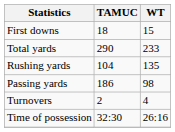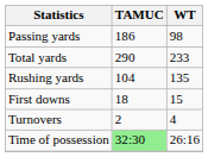 <table class="wikitable" style="float: left;">
 <tr>
 <th>Statistics</th>
 <th>TAMUC</th>
 <th>WT</th>
 </tr>
 <tr>
-<td>First downs</td>
-<td>18</td>
-<td>15</td>
+<td>Passing yards</td>
+<td>186</td>
+<td>98</td>
 </tr>
 <tr>
 <td>Total yards</td>
 <td>290</td>
 <td>233</td>
 </tr>
 <tr>
 <td>Rushing yards</td>
 <td>104</td>
 <td>135</td>
 </tr>
 <tr>
-<td>Passing yards</td>
-<td>186</td>
-<td>98</td>
+<td>First downs</td>
+<td>18</td>
+<td>15</td>
 </tr>
 <tr>
 <td>Turnovers</td>
 <td>2</td>
 <td>4</td>
 </tr>
 <tr>
 <td>Time of possession</td>
-<td>32:30</td>
+<td style="background: lightgreen;">32:30</td>
 <td>26:16</td>
 </tr>
 <tr>
 </tr>
 </table>
